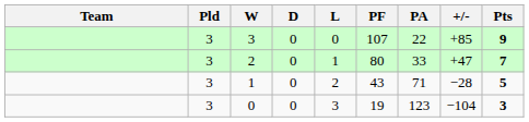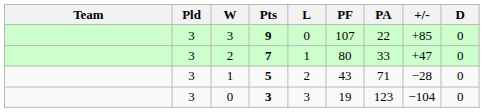 <table class="wikitable" style="text-align: center;">
 <tr>
 <th width="200">Team</th>
 <th width="40">Pld</th>
 <th width="40">W</th>
-<th width="40">D</th>
+<th width="40">Pts</th>
 <th width="40">L</th>
 <th width="40">PF</th>
 <th width="40">PA</th>
 <th width="40">+/-</th>
-<th width="40">Pts</th>
+<th width="40">D</th>
 </tr>
 <tr bgcolor=ccffcc>
 <td align=left></td>
 <td>3</td>
 <td>3</td>
-<td>0</td>
+<td><strong>9</strong></td>
 <td>0</td>
 <td>107</td>
 <td>22</td>
 <td>+85</td>
-<td><strong>9</strong></td>
+<td>0</td>
 </tr>
 <tr bgcolor=ccffcc>
 <td align=left></td>
 <td>3</td>
 <td>2</td>
-<td>0</td>
+<td><strong>7</strong></td>
 <td>1</td>
 <td>80</td>
 <td>33</td>
 <td>+47</td>
-<td><strong>7</strong></td>
+<td>0</td>
 </tr>
 <tr>
 <td align=left></td>
 <td>3</td>
 <td>1</td>
-<td>0</td>
+<td><strong>5</strong></td>
 <td>2</td>
 <td>43</td>
 <td>71</td>
 <td>−28</td>
-<td><strong>5</strong></td>
+<td>0</td>
 </tr>
 <tr>
 <td align=left></td>
 <td>3</td>
 <td>0</td>
-<td>0</td>
+<td><strong>3</strong></td>
 <td>3</td>
 <td>19</td>
 <td>123</td>
 <td>−104</td>
-<td><strong>3</strong></td>
+<td>0</td>
 </tr>
 </table>
